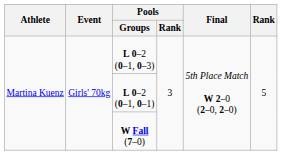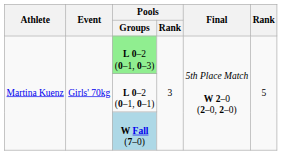 <table class="wikitable" style="text-align:left; font-size:90%">
 <tr>
 <th rowspan="2">Athlete</th>
 <th rowspan="2">Event</th>
 <th colspan="2">Pools</th>
 <th rowspan="2">Final</th>
 <th rowspan="2">Rank</th>
 </tr>
 <tr>
 <th>Groups</th>
 <th>Rank</th>
 </tr>
 <tr>
 <td rowspan="3"><a href='#'>Martina Kuenz</a></td>
 <td rowspan="3"><a href='#'>Girls' 70kg</a></td>
-<td align=center><br><strong>L</strong> <strong>0</strong>–2<br>(<strong>0</strong>–1, <strong>0</strong>–3)</td>
+<td align=center style="background: lightgreen;"><br><strong>L</strong> <strong>0</strong>–2<br>(<strong>0</strong>–1, <strong>0</strong>–3)</td>
 <td rowspan="3" align=center>3</td>
 <td align=center rowspan=3><em>5th Place Match</em><br><br><strong>W</strong> <strong>2</strong>–0<br>(<strong>2</strong>–0, <strong>2</strong>–0)</td>
 <td rowspan="3" align="center">5</td>
 </tr>
 <tr>
 <td align=center><br><strong>L</strong> <strong>0</strong>–2<br>(<strong>0</strong>–1, <strong>0</strong>–1)</td>
 </tr>
 <tr>
-<td align=center><br><strong>W</strong> <strong><a href='#'>Fall</a></strong><br>(<strong>7</strong>–0)</td>
+<td align=center style="background: lightblue;"><br><strong>W</strong> <strong><a href='#'>Fall</a></strong><br>(<strong>7</strong>–0)</td>
 </tr>
 </table>
